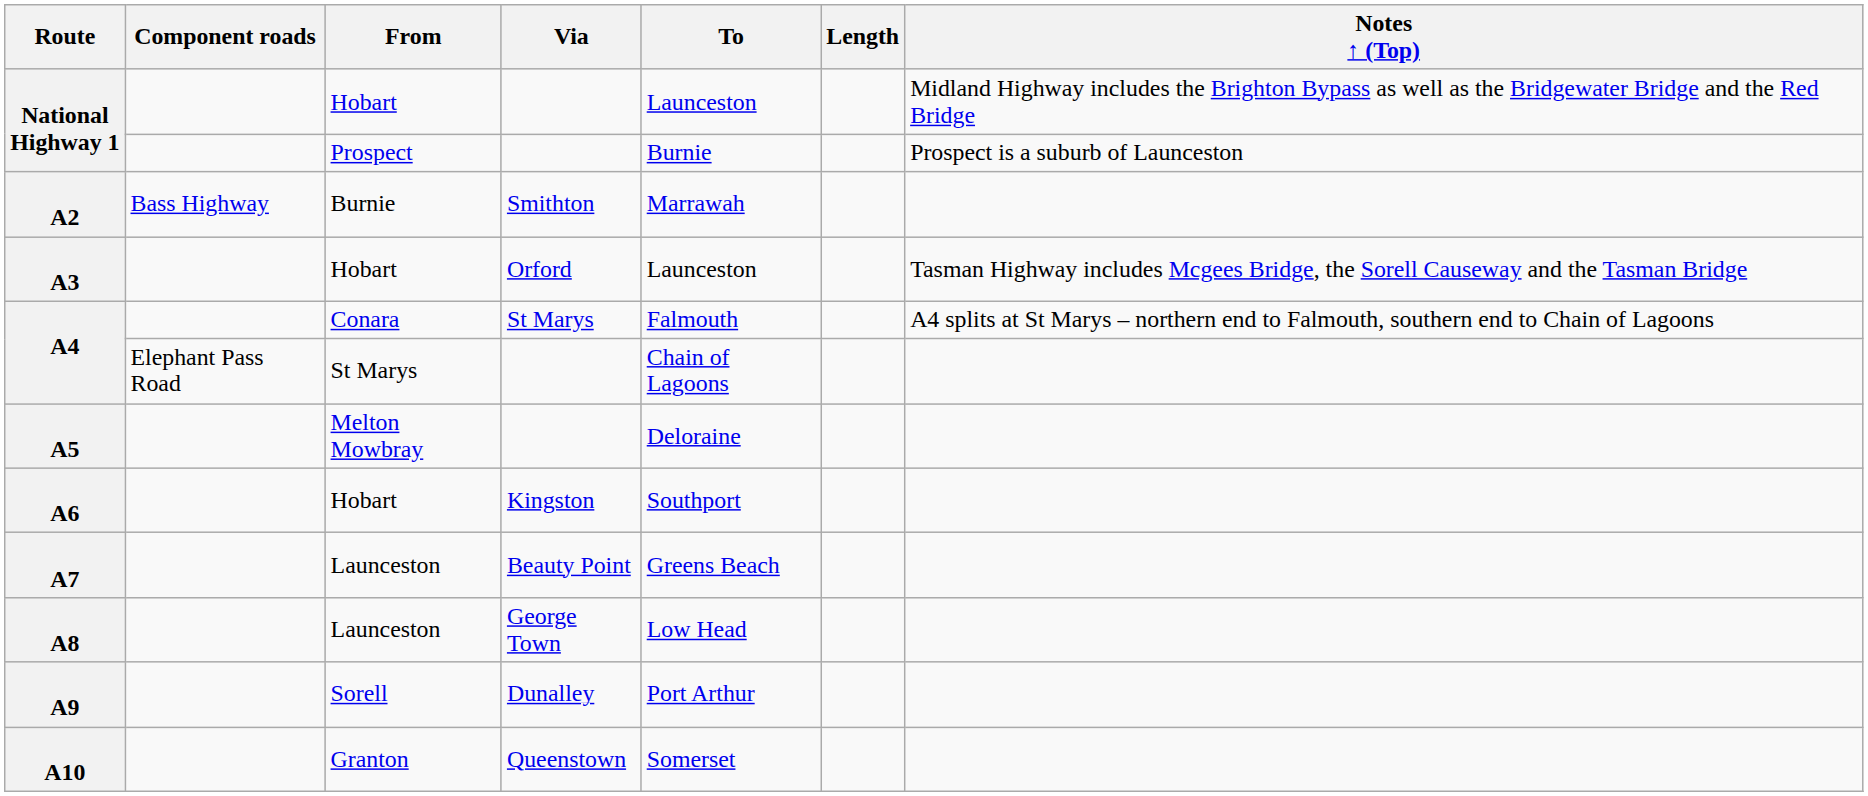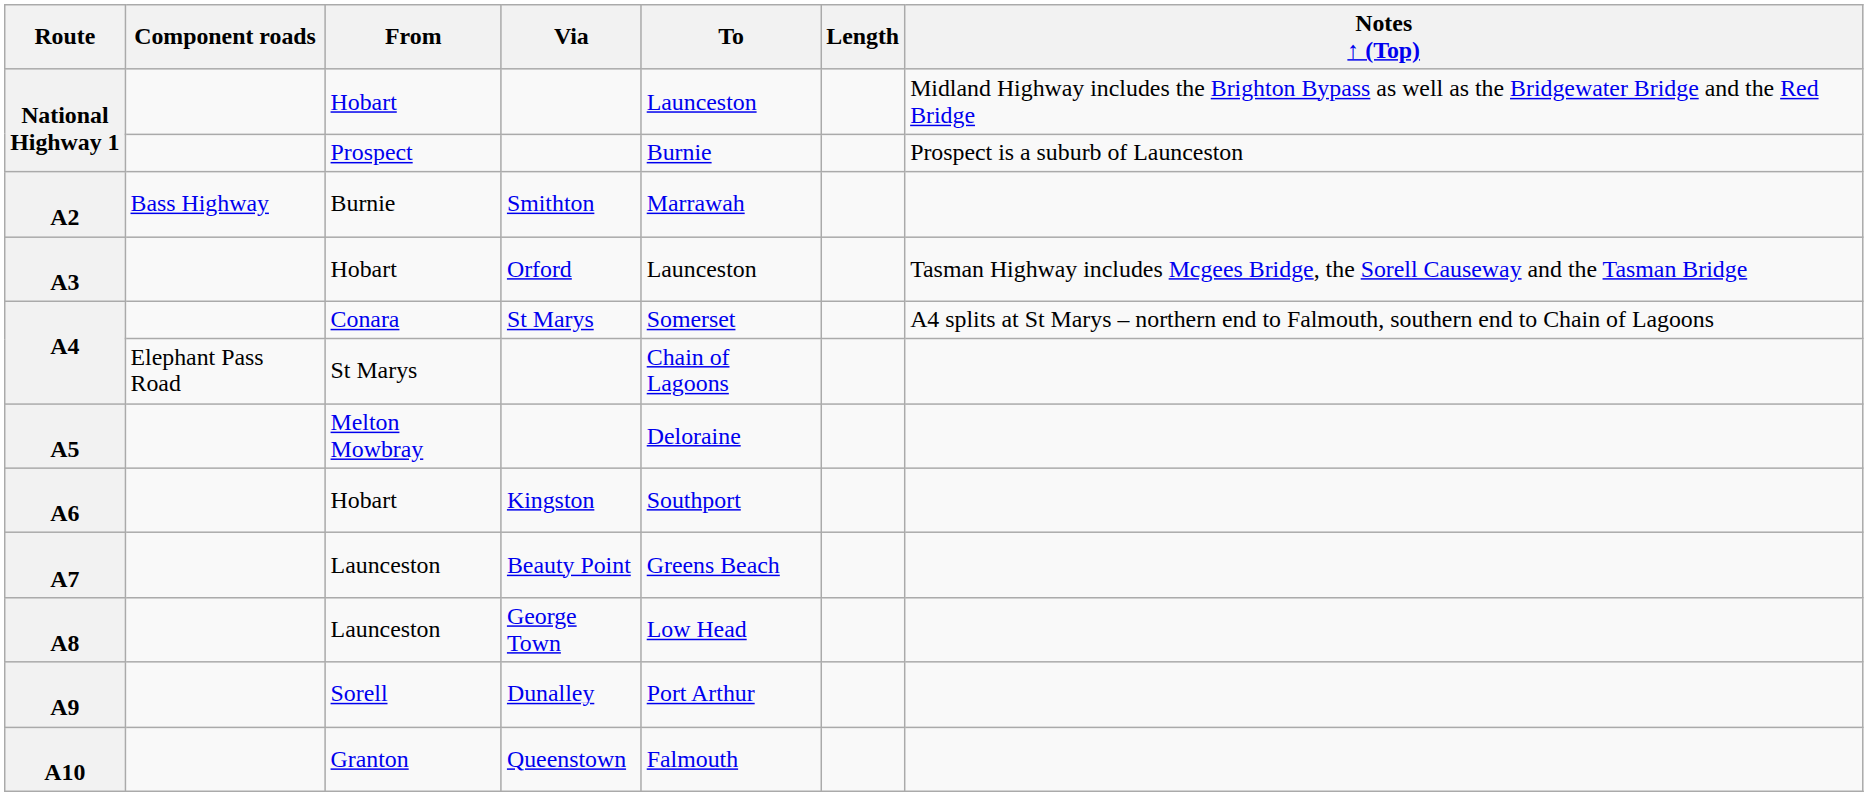 <table class="wikitable">
 <tr>
 <th scope="col">Route</th>
 <th scope="col">Component roads</th>
 <th scope="col">From</th>
 <th scope="col">Via</th>
 <th scope="col">To</th>
 <th scope="col">Length</th>
 <th scope="col">Notes<br><a href='#'>↑ (Top)</a></th>
 </tr>
 <tr>
 <th style="vertical-align:top; white-space:nowrap;" rowspan=2><br>National <br>Highway 1</th>
 <td></td>
 <td><a href='#'>Hobart</a></td>
 <td></td>
 <td><a href='#'>Launceston</a></td>
 <td></td>
 <td>Midland Highway includes the <a href='#'>Brighton Bypass</a> as well as the <a href='#'>Bridgewater Bridge</a> and the <a href='#'>Red Bridge</a></td>
 </tr>
 <tr>
 <td></td>
 <td><a href='#'>Prospect</a></td>
 <td></td>
 <td><a href='#'>Burnie</a></td>
 <td></td>
 <td>Prospect is a suburb of Launceston</td>
 </tr>
 <tr>
 <th style="vertical-align:top; white-space:nowrap;"><br>A2</th>
 <td><a href='#'>Bass Highway</a></td>
 <td>Burnie</td>
 <td><a href='#'>Smithton</a></td>
 <td><a href='#'>Marrawah</a></td>
 <td></td>
 <td></td>
 </tr>
 <tr>
 <th style="vertical-align:top; white-space:nowrap;"><br>A3</th>
 <td></td>
 <td>Hobart</td>
 <td><a href='#'>Orford</a></td>
 <td>Launceston</td>
 <td></td>
 <td>Tasman Highway includes <a href='#'>Mcgees Bridge</a>, the <a href='#'>Sorell Causeway</a> and the <a href='#'>Tasman Bridge</a></td>
 </tr>
 <tr>
 <th style="vertical-align:top; white-space:nowrap;" rowspan=2><br>A4</th>
 <td></td>
 <td><a href='#'>Conara</a></td>
 <td><a href='#'>St Marys</a></td>
-<td><a href='#'>Falmouth</a></td>
+<td><a href='#'>Somerset</a></td>
 <td></td>
 <td>A4 splits at St Marys – northern end to Falmouth, southern end to Chain of Lagoons</td>
 </tr>
 <tr>
 <td>Elephant Pass Road</td>
 <td>St Marys</td>
 <td></td>
 <td><a href='#'>Chain of Lagoons</a></td>
 <td></td>
 <td></td>
 </tr>
 <tr>
 <th style="vertical-align:top; white-space:nowrap;"><br>A5</th>
 <td></td>
 <td><a href='#'>Melton Mowbray</a></td>
 <td></td>
 <td><a href='#'>Deloraine</a></td>
 <td></td>
 <td></td>
 </tr>
 <tr>
 <th style="vertical-align:top; white-space:nowrap;"><br>A6</th>
 <td></td>
 <td>Hobart</td>
 <td><a href='#'>Kingston</a></td>
 <td><a href='#'>Southport</a></td>
 <td></td>
 <td></td>
 </tr>
 <tr>
 <th style="vertical-align:top; white-space:nowrap;"><br>A7</th>
 <td></td>
 <td>Launceston</td>
 <td><a href='#'>Beauty Point</a></td>
 <td><a href='#'>Greens Beach</a></td>
 <td></td>
 <td></td>
 </tr>
 <tr>
 <th style="vertical-align:top; white-space:nowrap;"><br>A8</th>
 <td></td>
 <td>Launceston</td>
 <td><a href='#'>George Town</a></td>
 <td><a href='#'>Low Head</a></td>
 <td></td>
 <td></td>
 </tr>
 <tr>
 <th style="vertical-align:top; white-space:nowrap;"><br>A9</th>
 <td></td>
 <td><a href='#'>Sorell</a></td>
 <td><a href='#'>Dunalley</a></td>
 <td><a href='#'>Port Arthur</a></td>
 <td></td>
 <td></td>
 </tr>
 <tr>
 <th style="vertical-align:top; white-space:nowrap;"><br>A10</th>
 <td></td>
 <td><a href='#'>Granton</a></td>
 <td><a href='#'>Queenstown</a></td>
-<td><a href='#'>Somerset</a></td>
+<td><a href='#'>Falmouth</a></td>
 <td></td>
 <td></td>
 </tr>
 <tr>
 </tr>
 </table>
